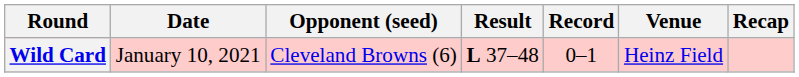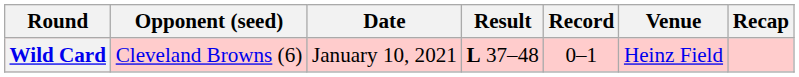 <table class="wikitable" style="text-align:center">
 <tr>
 <th>Round</th>
+<th>Opponent (seed)</th>
 <th>Date</th>
-<th>Opponent (seed)</th>
 <th>Result</th>
 <th>Record</th>
 <th>Venue</th>
 <th>Recap</th>
 </tr>
 <tr style="background:#fcc">
 <th><a href='#'>Wild Card</a></th>
+<td><a href='#'>Cleveland Browns</a> (6)</td>
 <td>January 10, 2021</td>
-<td><a href='#'>Cleveland Browns</a> (6)</td>
 <td><strong>L</strong> 37–48</td>
 <td>0–1</td>
 <td><a href='#'>Heinz Field</a></td>
 <td></td>
 </tr>
 </table>
